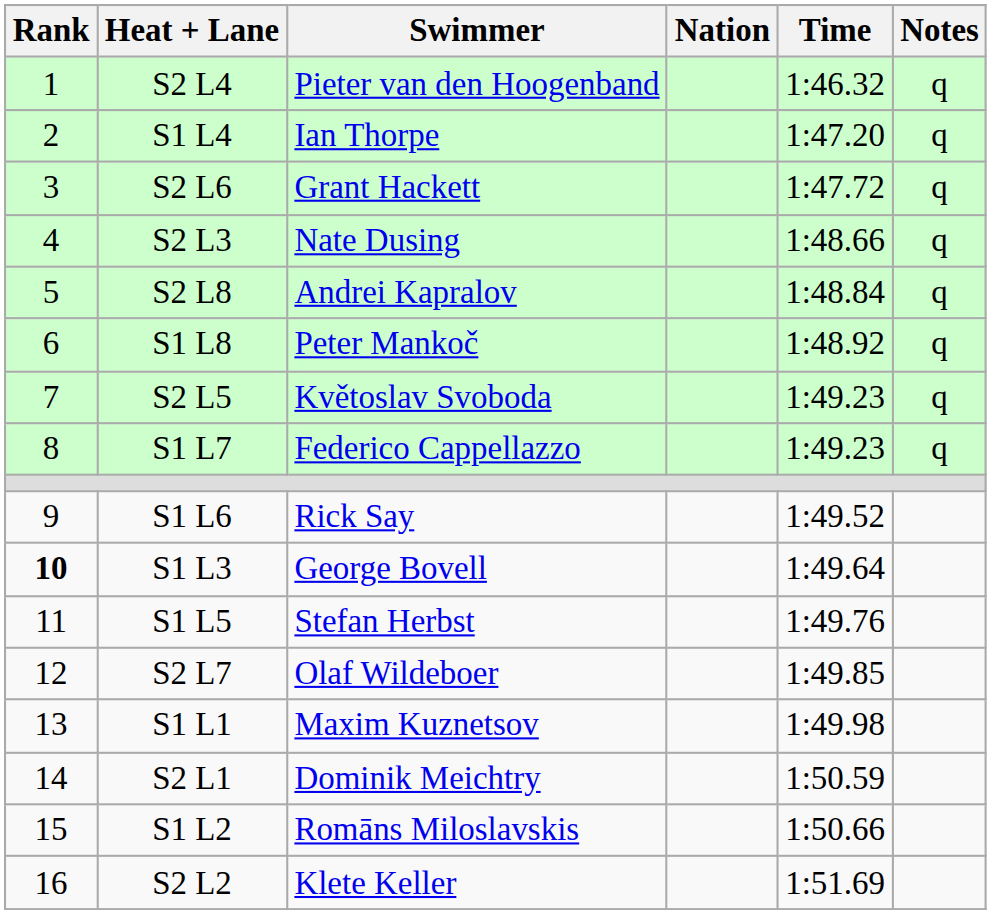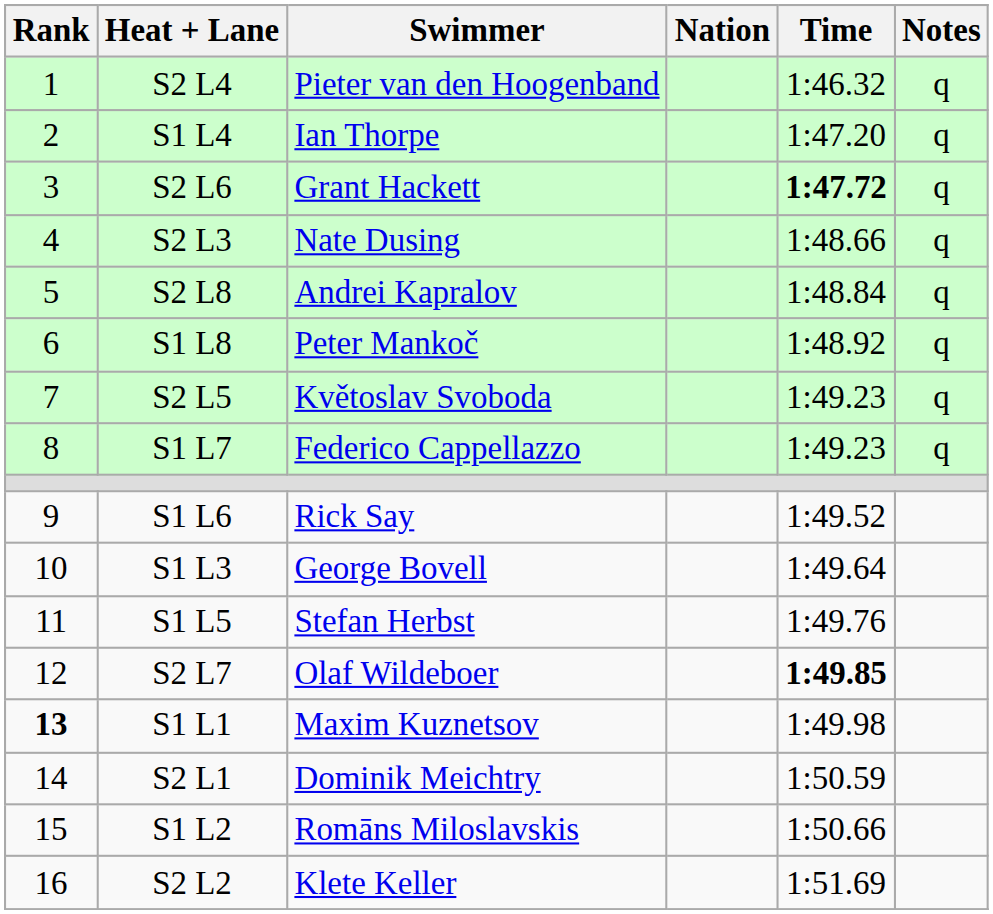 <table class="wikitable sortable" style="text-align:center">
 <tr>
 <th>Rank</th>
 <th>Heat + Lane</th>
 <th>Swimmer</th>
 <th>Nation</th>
 <th>Time</th>
 <th>Notes</th>
 </tr>
 <tr bgcolor=ccffcc>
 <td>1</td>
 <td>S2 L4</td>
 <td align=left><a href='#'>Pieter van den Hoogenband</a></td>
 <td align=left></td>
 <td>1:46.32</td>
 <td>q</td>
 </tr>
 <tr bgcolor=ccffcc>
 <td>2</td>
 <td>S1 L4</td>
 <td align=left><a href='#'>Ian Thorpe</a></td>
 <td align=left></td>
 <td>1:47.20</td>
 <td>q</td>
 </tr>
 <tr bgcolor=ccffcc>
 <td>3</td>
 <td>S2 L6</td>
 <td align=left><a href='#'>Grant Hackett</a></td>
 <td align=left></td>
-<td>1:47.72</td>
+<td><strong>1:47.72</strong></td>
 <td>q</td>
 </tr>
 <tr bgcolor=ccffcc>
 <td>4</td>
 <td>S2 L3</td>
 <td align=left><a href='#'>Nate Dusing</a></td>
 <td align=left></td>
 <td>1:48.66</td>
 <td>q</td>
 </tr>
 <tr bgcolor=ccffcc>
 <td>5</td>
 <td>S2 L8</td>
 <td align=left><a href='#'>Andrei Kapralov</a></td>
 <td align=left></td>
 <td>1:48.84</td>
 <td>q</td>
 </tr>
 <tr bgcolor=ccffcc>
 <td>6</td>
 <td>S1 L8</td>
 <td align=left><a href='#'>Peter Mankoč</a></td>
 <td align=left></td>
 <td>1:48.92</td>
 <td>q</td>
 </tr>
 <tr bgcolor=ccffcc>
 <td>7</td>
 <td>S2 L5</td>
 <td align=left><a href='#'>Květoslav Svoboda</a></td>
 <td align=left></td>
 <td>1:49.23</td>
 <td>q</td>
 </tr>
 <tr bgcolor=ccffcc>
 <td>8</td>
 <td>S1 L7</td>
 <td align=left><a href='#'>Federico Cappellazzo</a></td>
 <td align=left></td>
 <td>1:49.23</td>
 <td>q</td>
 </tr>
 <tr bgcolor=#DDDDDD>
 <td colspan=6></td>
 </tr>
 <tr>
 <td>9</td>
 <td>S1 L6</td>
 <td align=left><a href='#'>Rick Say</a></td>
 <td align=left></td>
 <td>1:49.52</td>
 <td></td>
 </tr>
 <tr>
-<td><strong>10</strong></td>
+<td>10</td>
 <td>S1 L3</td>
 <td align=left><a href='#'>George Bovell</a></td>
 <td align=left></td>
 <td>1:49.64</td>
 <td></td>
 </tr>
 <tr>
 <td>11</td>
 <td>S1 L5</td>
 <td align=left><a href='#'>Stefan Herbst</a></td>
 <td align=left></td>
 <td>1:49.76</td>
 <td></td>
 </tr>
 <tr>
 <td>12</td>
 <td>S2 L7</td>
 <td align=left><a href='#'>Olaf Wildeboer</a></td>
 <td align=left></td>
-<td>1:49.85</td>
+<td><strong>1:49.85</strong></td>
 <td></td>
 </tr>
 <tr>
-<td>13</td>
+<td><strong>13</strong></td>
 <td>S1 L1</td>
 <td align=left><a href='#'>Maxim Kuznetsov</a></td>
 <td align=left></td>
 <td>1:49.98</td>
 <td></td>
 </tr>
 <tr>
 <td>14</td>
 <td>S2 L1</td>
 <td align=left><a href='#'>Dominik Meichtry</a></td>
 <td align=left></td>
 <td>1:50.59</td>
 <td></td>
 </tr>
 <tr>
 <td>15</td>
 <td>S1 L2</td>
 <td align=left><a href='#'>Romāns Miloslavskis</a></td>
 <td align=left></td>
 <td>1:50.66</td>
 <td></td>
 </tr>
 <tr>
 <td>16</td>
 <td>S2 L2</td>
 <td align=left><a href='#'>Klete Keller</a></td>
 <td align=left></td>
 <td>1:51.69</td>
 <td></td>
 </tr>
 <tr>
 </tr>
 </table>
